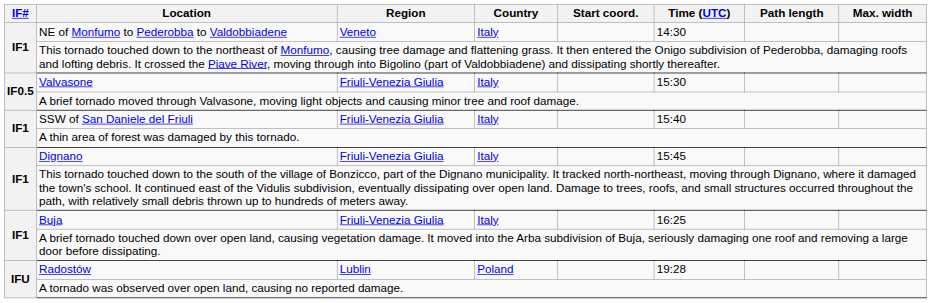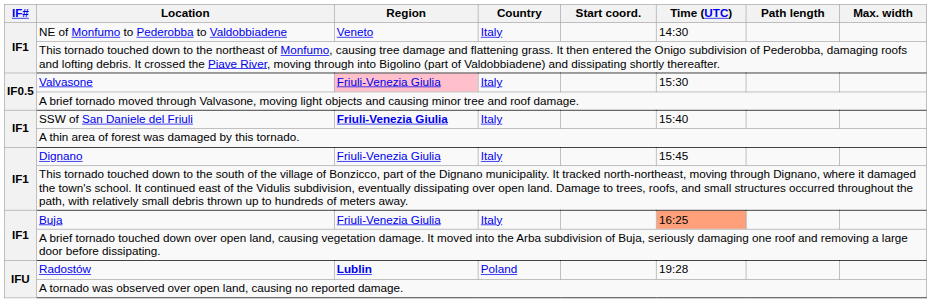 <table class="wikitable sortable" style="width:100%;">
 <tr>
 <th scope="col" width="2%" align="center"><a href='#'>IF#</a></th>
 <th scope="col" align="center" class="unsortable">Location</th>
 <th scope="col" align="center" class="unsortable">Region</th>
 <th scope="col" align="center">Country</th>
 <th scope="col" align="center">Start coord.</th>
 <th scope="col" align="center">Time (<a href='#'>UTC</a>)</th>
 <th scope="col" align="center">Path length</th>
 <th scope="col" align="center">Max. width</th>
 </tr>
 <tr>
 <th scope="row" rowspan="2" style="background-color:#">IF1</th>
 <td>NE of <a href='#'>Monfumo</a> to <a href='#'>Pederobba</a> to <a href='#'>Valdobbiadene</a></td>
 <td><a href='#'>Veneto</a></td>
 <td><a href='#'>Italy</a></td>
 <td></td>
 <td>14:30</td>
 <td></td>
 <td></td>
 </tr>
 <tr class="expand-child">
 <td colspan="8" style=" border-bottom: 1px solid black;">This tornado touched down to the northeast of <a href='#'>Monfumo</a>, causing tree damage and flattening grass. It then entered the Onigo subdivision of Pederobba, damaging roofs and lofting debris. It crossed the <a href='#'>Piave River</a>, moving through into Bigolino (part of Valdobbiadene) and dissipating shortly thereafter.</td>
 </tr>
 <tr>
 <th scope="row" rowspan="2" style="background-color:#">IF0.5</th>
 <td><a href='#'>Valvasone</a></td>
-<td><a href='#'>Friuli-Venezia Giulia</a></td>
+<td style="background: pink;"><a href='#'>Friuli-Venezia Giulia</a></td>
 <td><a href='#'>Italy</a></td>
 <td></td>
 <td>15:30</td>
 <td></td>
 <td></td>
 </tr>
 <tr class="expand-child">
 <td colspan="8" style=" border-bottom: 1px solid black;">A brief tornado moved through Valvasone, moving light objects and causing minor tree and roof damage.</td>
 </tr>
 <tr>
 <th scope="row" rowspan="2" style="background-color:#">IF1</th>
 <td>SSW of <a href='#'>San Daniele del Friuli</a></td>
-<td><a href='#'>Friuli-Venezia Giulia</a></td>
+<td><strong><a href='#'>Friuli-Venezia Giulia</a></strong></td>
 <td><a href='#'>Italy</a></td>
 <td></td>
 <td>15:40</td>
 <td></td>
 <td></td>
 </tr>
 <tr class="expand-child">
 <td colspan="8" style=" border-bottom: 1px solid black;">A thin area of forest was damaged by this tornado.</td>
 </tr>
 <tr>
 <th scope="row" rowspan="2" style="background-color:#">IF1</th>
 <td><a href='#'>Dignano</a></td>
 <td><a href='#'>Friuli-Venezia Giulia</a></td>
 <td><a href='#'>Italy</a></td>
 <td></td>
 <td>15:45</td>
 <td></td>
 <td></td>
 </tr>
 <tr class="expand-child">
 <td colspan="8" style=" border-bottom: 1px solid black;">This tornado touched down to the south of the village of Bonzicco, part of the Dignano municipality. It tracked north-northeast, moving through Dignano, where it damaged the town's school. It continued east of the Vidulis subdivision, eventually dissipating over open land. Damage to trees, roofs, and small structures occurred throughout the path, with relatively small debris thrown up to hundreds of meters away.</td>
 </tr>
 <tr>
 <th scope="row" rowspan="2" style="background-color:#">IF1</th>
 <td><a href='#'>Buja</a></td>
 <td><a href='#'>Friuli-Venezia Giulia</a></td>
 <td><a href='#'>Italy</a></td>
 <td></td>
-<td>16:25</td>
+<td style="background: lightsalmon;">16:25</td>
 <td></td>
 <td></td>
 </tr>
 <tr class="expand-child">
 <td colspan="8" style=" border-bottom: 1px solid black;">A brief tornado touched down over open land, causing vegetation damage. It moved into the Arba subdivision of Buja, seriously damaging one roof and removing a large door before dissipating.</td>
 </tr>
 <tr>
 <th scope="row" rowspan="2" style="background-color:#">IFU</th>
 <td><a href='#'>Radostów</a></td>
-<td><a href='#'>Lublin</a></td>
+<td><strong><a href='#'>Lublin</a></strong></td>
 <td><a href='#'>Poland</a></td>
 <td></td>
 <td>19:28</td>
 <td></td>
 <td></td>
 </tr>
 <tr class="expand-child">
 <td colspan="8" style=" border-bottom: 1px solid black;">A tornado was observed over open land, causing no reported damage.</td>
 </tr>
 </table>
